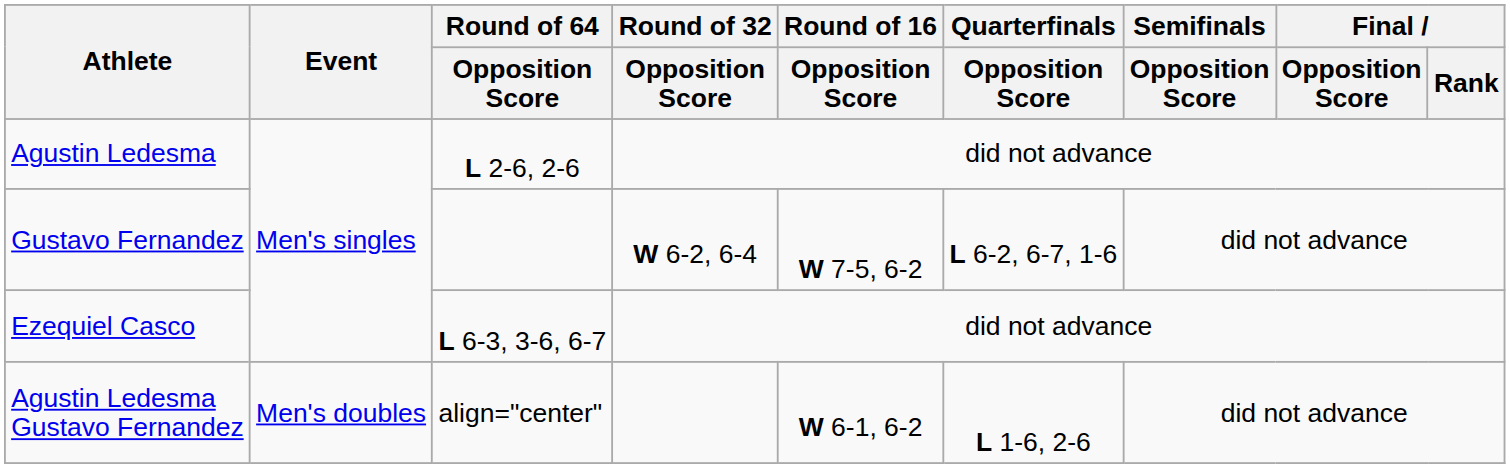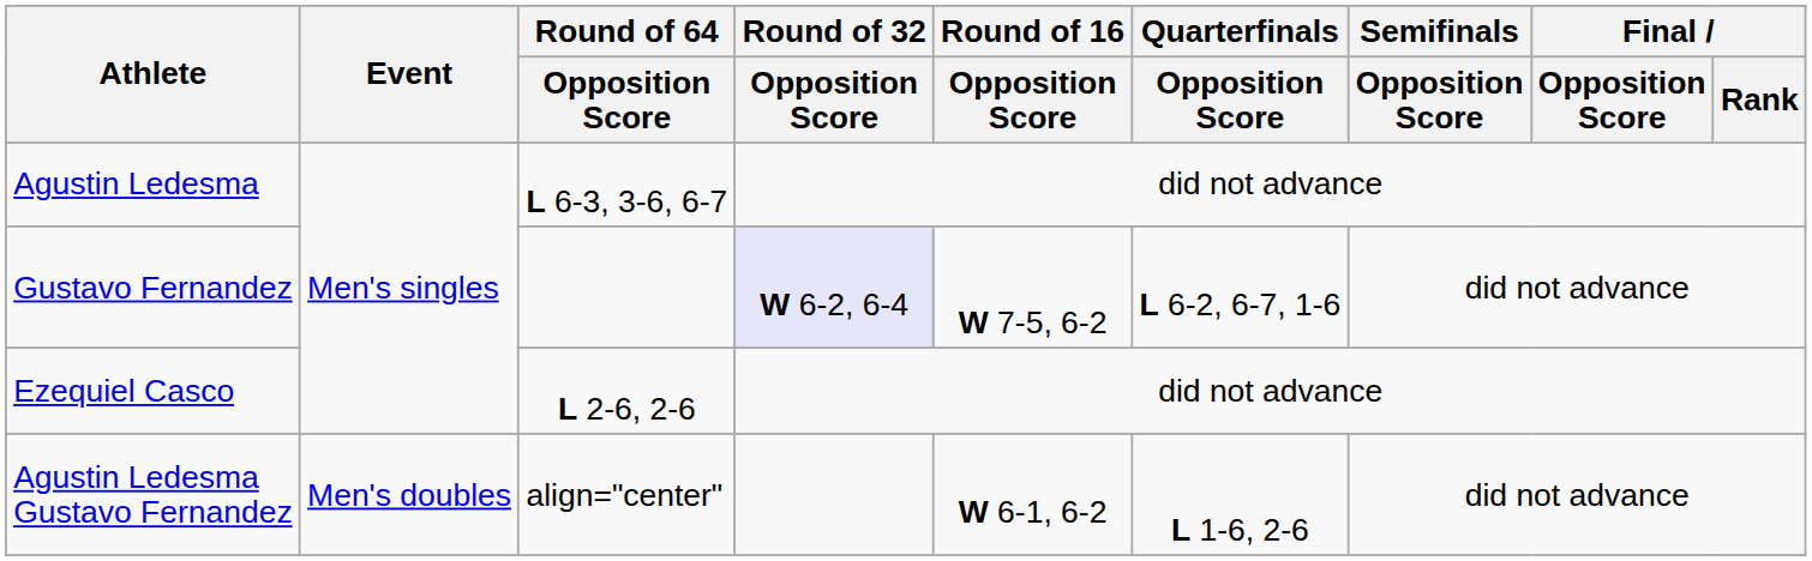 <table class=wikitable style="font-size:90%">
 <tr>
 <th rowspan="2">Athlete</th>
 <th rowspan="2">Event</th>
 <th>Round of 64</th>
 <th>Round of 32</th>
 <th>Round of 16</th>
 <th>Quarterfinals</th>
 <th>Semifinals</th>
 <th colspan="2">Final / </th>
 </tr>
 <tr>
 <th>Opposition<br>Score</th>
 <th>Opposition<br>Score</th>
 <th>Opposition<br>Score</th>
 <th>Opposition<br>Score</th>
 <th>Opposition<br>Score</th>
 <th>Opposition<br>Score</th>
 <th>Rank</th>
 </tr>
 <tr>
 <td><a href='#'>Agustin Ledesma</a></td>
 <td rowspan="3"><a href='#'>Men's singles</a></td>
-<td align="center"><br> <strong>L</strong>  2-6, 2-6</td>
+<td align="center"><br> <strong>L</strong>  6-3, 3-6, 6-7</td>
 <td align="center" colspan=6>did not advance</td>
 </tr>
 <tr>
 <td><a href='#'>Gustavo Fernandez</a></td>
 <td></td>
-<td align="center"><br> <strong>W</strong> 6-2, 6-4</td>
+<td align="center" style="background: lavender;"><br> <strong>W</strong> 6-2, 6-4</td>
 <td align="center"><br><br> <strong>W</strong> 7-5, 6-2</td>
 <td align="center"><br><strong>L</strong> 6-2, 6-7, 1-6</td>
 <td align="center" colspan=3>did not advance</td>
 </tr>
 <tr>
 <td><a href='#'>Ezequiel Casco</a></td>
-<td align="center"><br> <strong>L</strong>  6-3, 3-6, 6-7</td>
+<td align="center"><br> <strong>L</strong>  2-6, 2-6</td>
 <td align="center" colspan=6>did not advance</td>
 </tr>
 <tr>
 <td><a href='#'>Agustin Ledesma</a><br><a href='#'>Gustavo Fernandez</a></td>
 <td><a href='#'>Men's doubles</a></td>
 <td>align="center" </td>
 <td></td>
 <td align="center"><br><strong>W</strong> 6-1, 6-2</td>
 <td align="center"><br><br><strong>L</strong> 1-6, 2-6</td>
 <td align="center" colspan=3>did not advance</td>
 </tr>
 </table>
